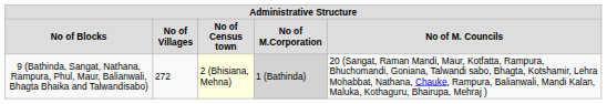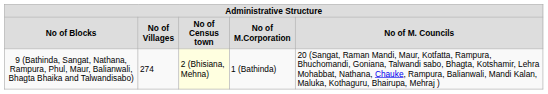 <table class="wikitable" style="font-size:85%; border:#fff solid 1px; text-align:lcenter; margin-bottom:0; margin:1em auto 1em auto;">
 <tr>
 <th colspan=5 style="text-align:center; background:#ddd;">Administrative Structure</th>
 </tr>
 <tr>
 <th style="text-align:center; background:#ddd;">No of Blocks</th>
 <th style="text-align:center; background:#ddd;">No of Villages</th>
 <th style="text-align:center; background:#ddd;">No of Census town</th>
 <th style="text-align:center; background:#ddd;">No of M.Corporation</th>
 <th style="text-align:center; background:#ddd;">No of M. Councils</th>
 </tr>
 <tr>
 <td align=center>9 (Bathinda, Sangat, Nathana, Rampura, Phul, Maur, Balianwali, Bhagta Bhaika and Talwandisabo)</td>
-<td align=left>272</td>
+<td align=left>274</td>
 <td align=left style="background: lightyellow;">2 (Bhisiana, Mehna)</td>
-<td style="background: lightgrey;">1 (Bathinda)</td>
+<td>1 (Bathinda)</td>
 <td align=left>20 (Sangat, Raman Mandi, Maur, Kotfatta, Rampura, Bhuchomandi, Goniana, Talwandi sabo, Bhagta, Kotshamir, Lehra Mohabbat, Nathana, <a href='#'>Chauke</a>, Rampura, Balianwali, Mandi Kalan, Maluka, Kothaguru, Bhairupa, Mehraj )</td>
 </tr>
 </table>
